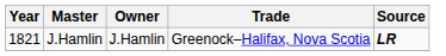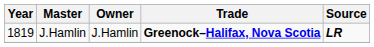 <table class=" wikitable">
 <tr>
 <th>Year</th>
 <th>Master</th>
 <th>Owner</th>
 <th>Trade</th>
 <th>Source</th>
 </tr>
 <tr>
-<td>1821</td>
+<td>1819</td>
 <td>J.Hamlin</td>
 <td>J.Hamlin</td>
-<td>Greenock–<a href='#'>Halifax, Nova Scotia</a></td>
+<td><strong>Greenock–<a href='#'>Halifax, Nova Scotia</a></strong></td>
 <td><strong><em>LR</em></strong></td>
 </tr>
 <tr>
 </tr>
 </table>
